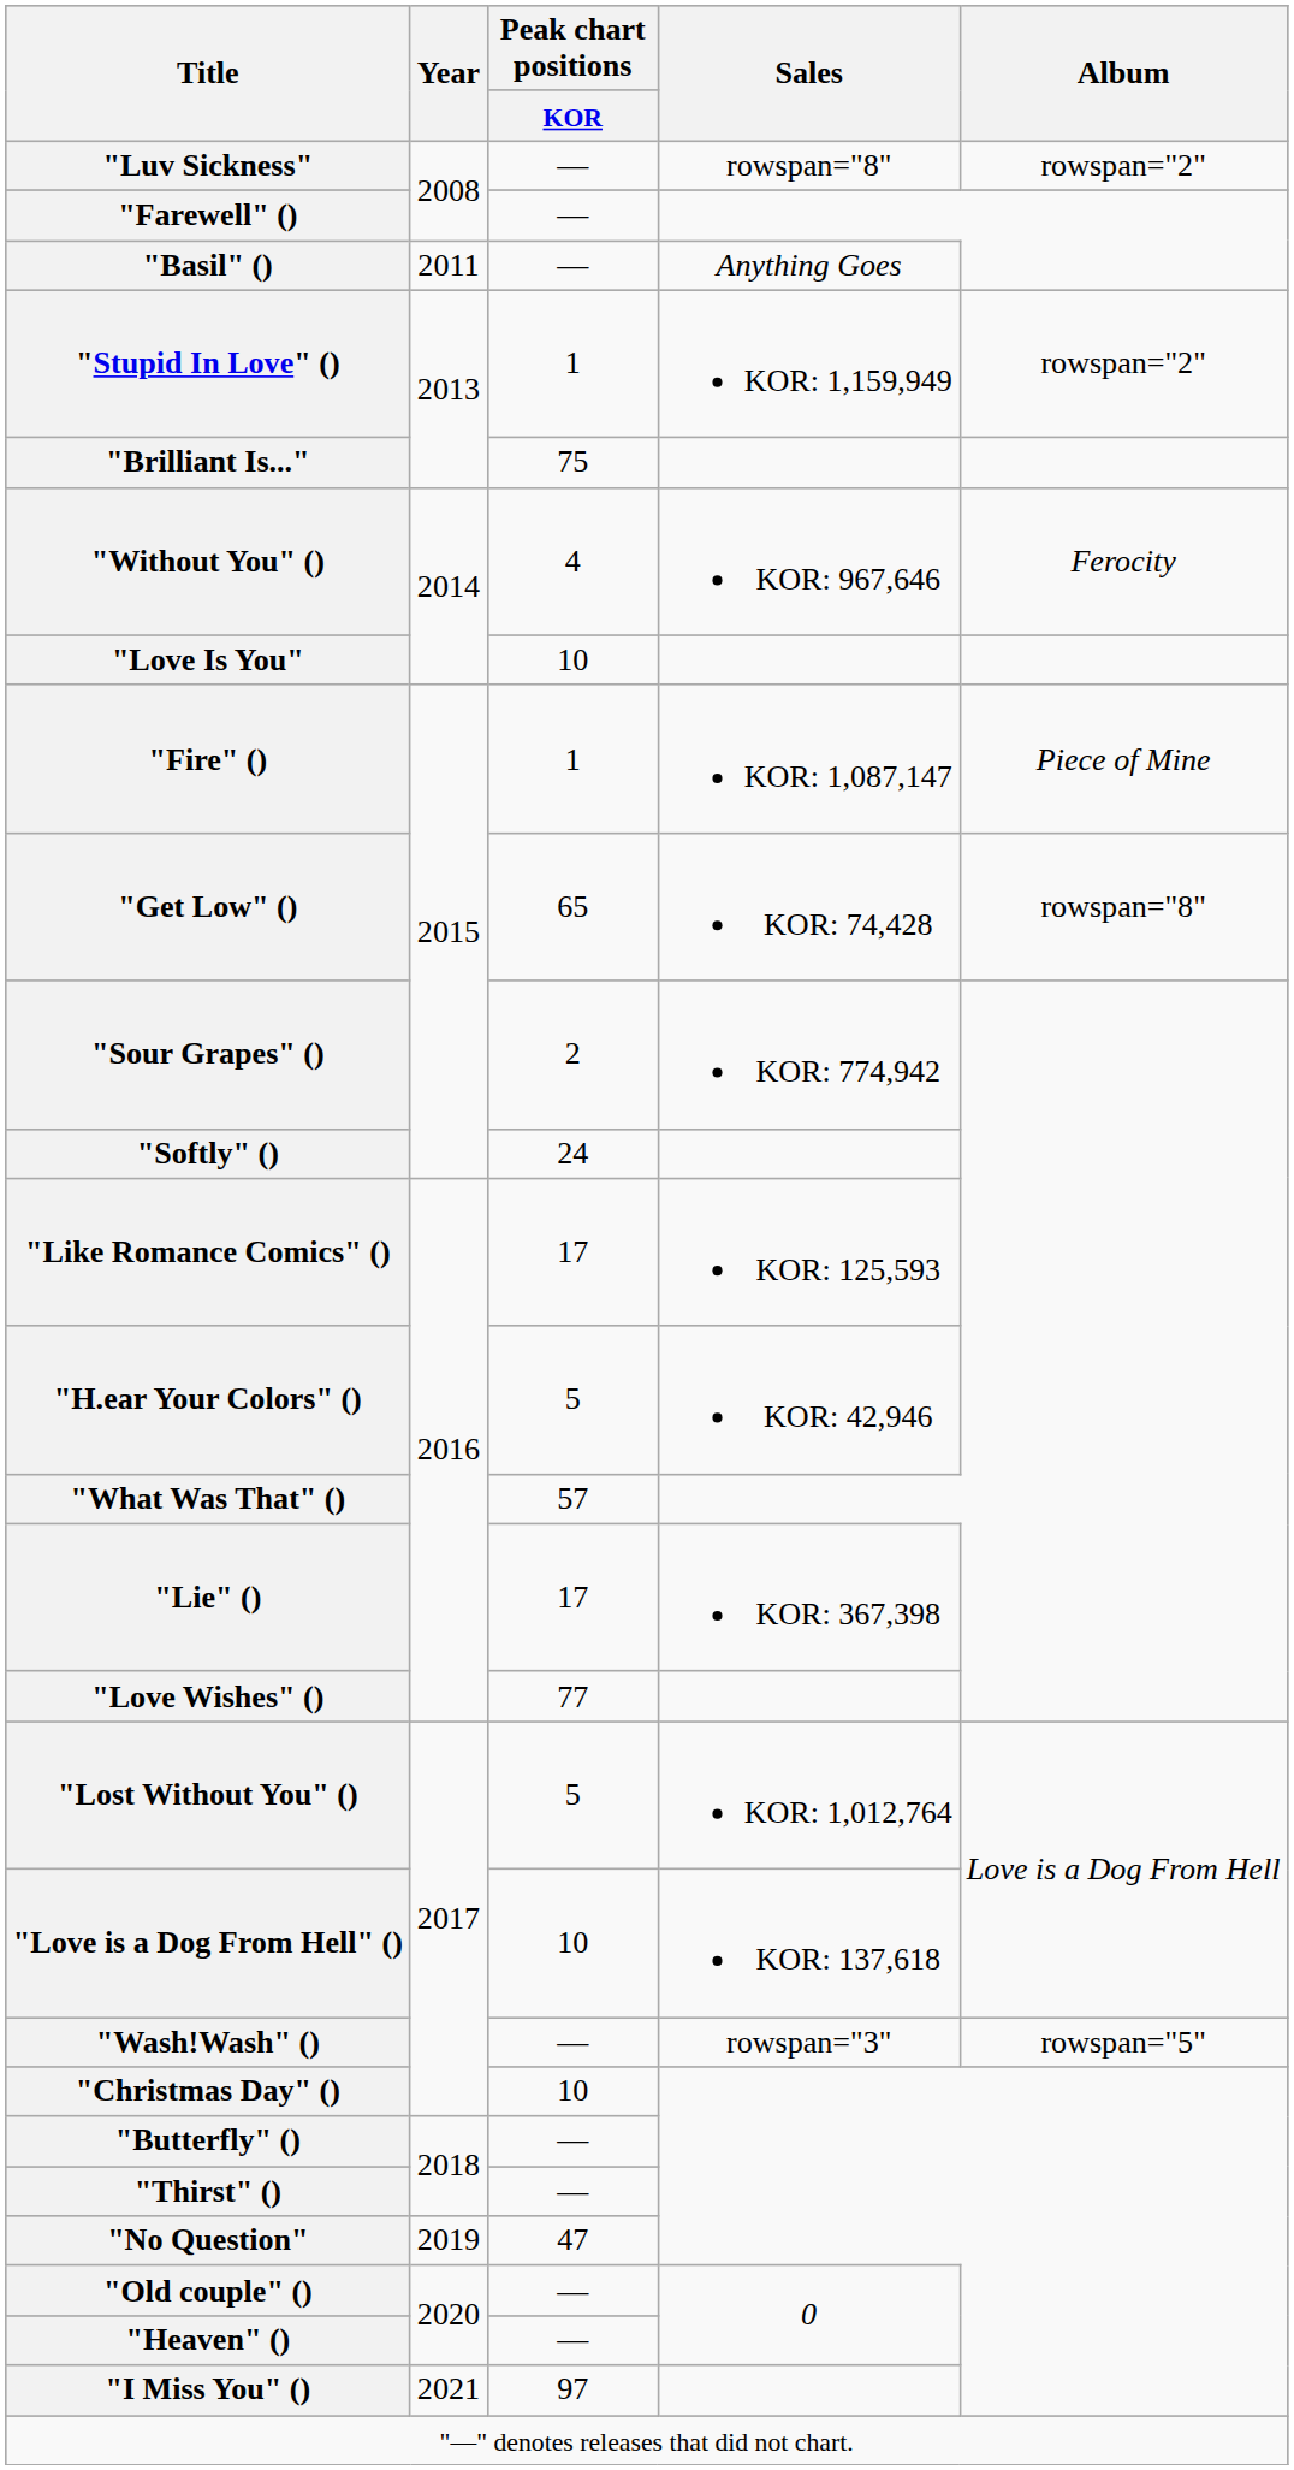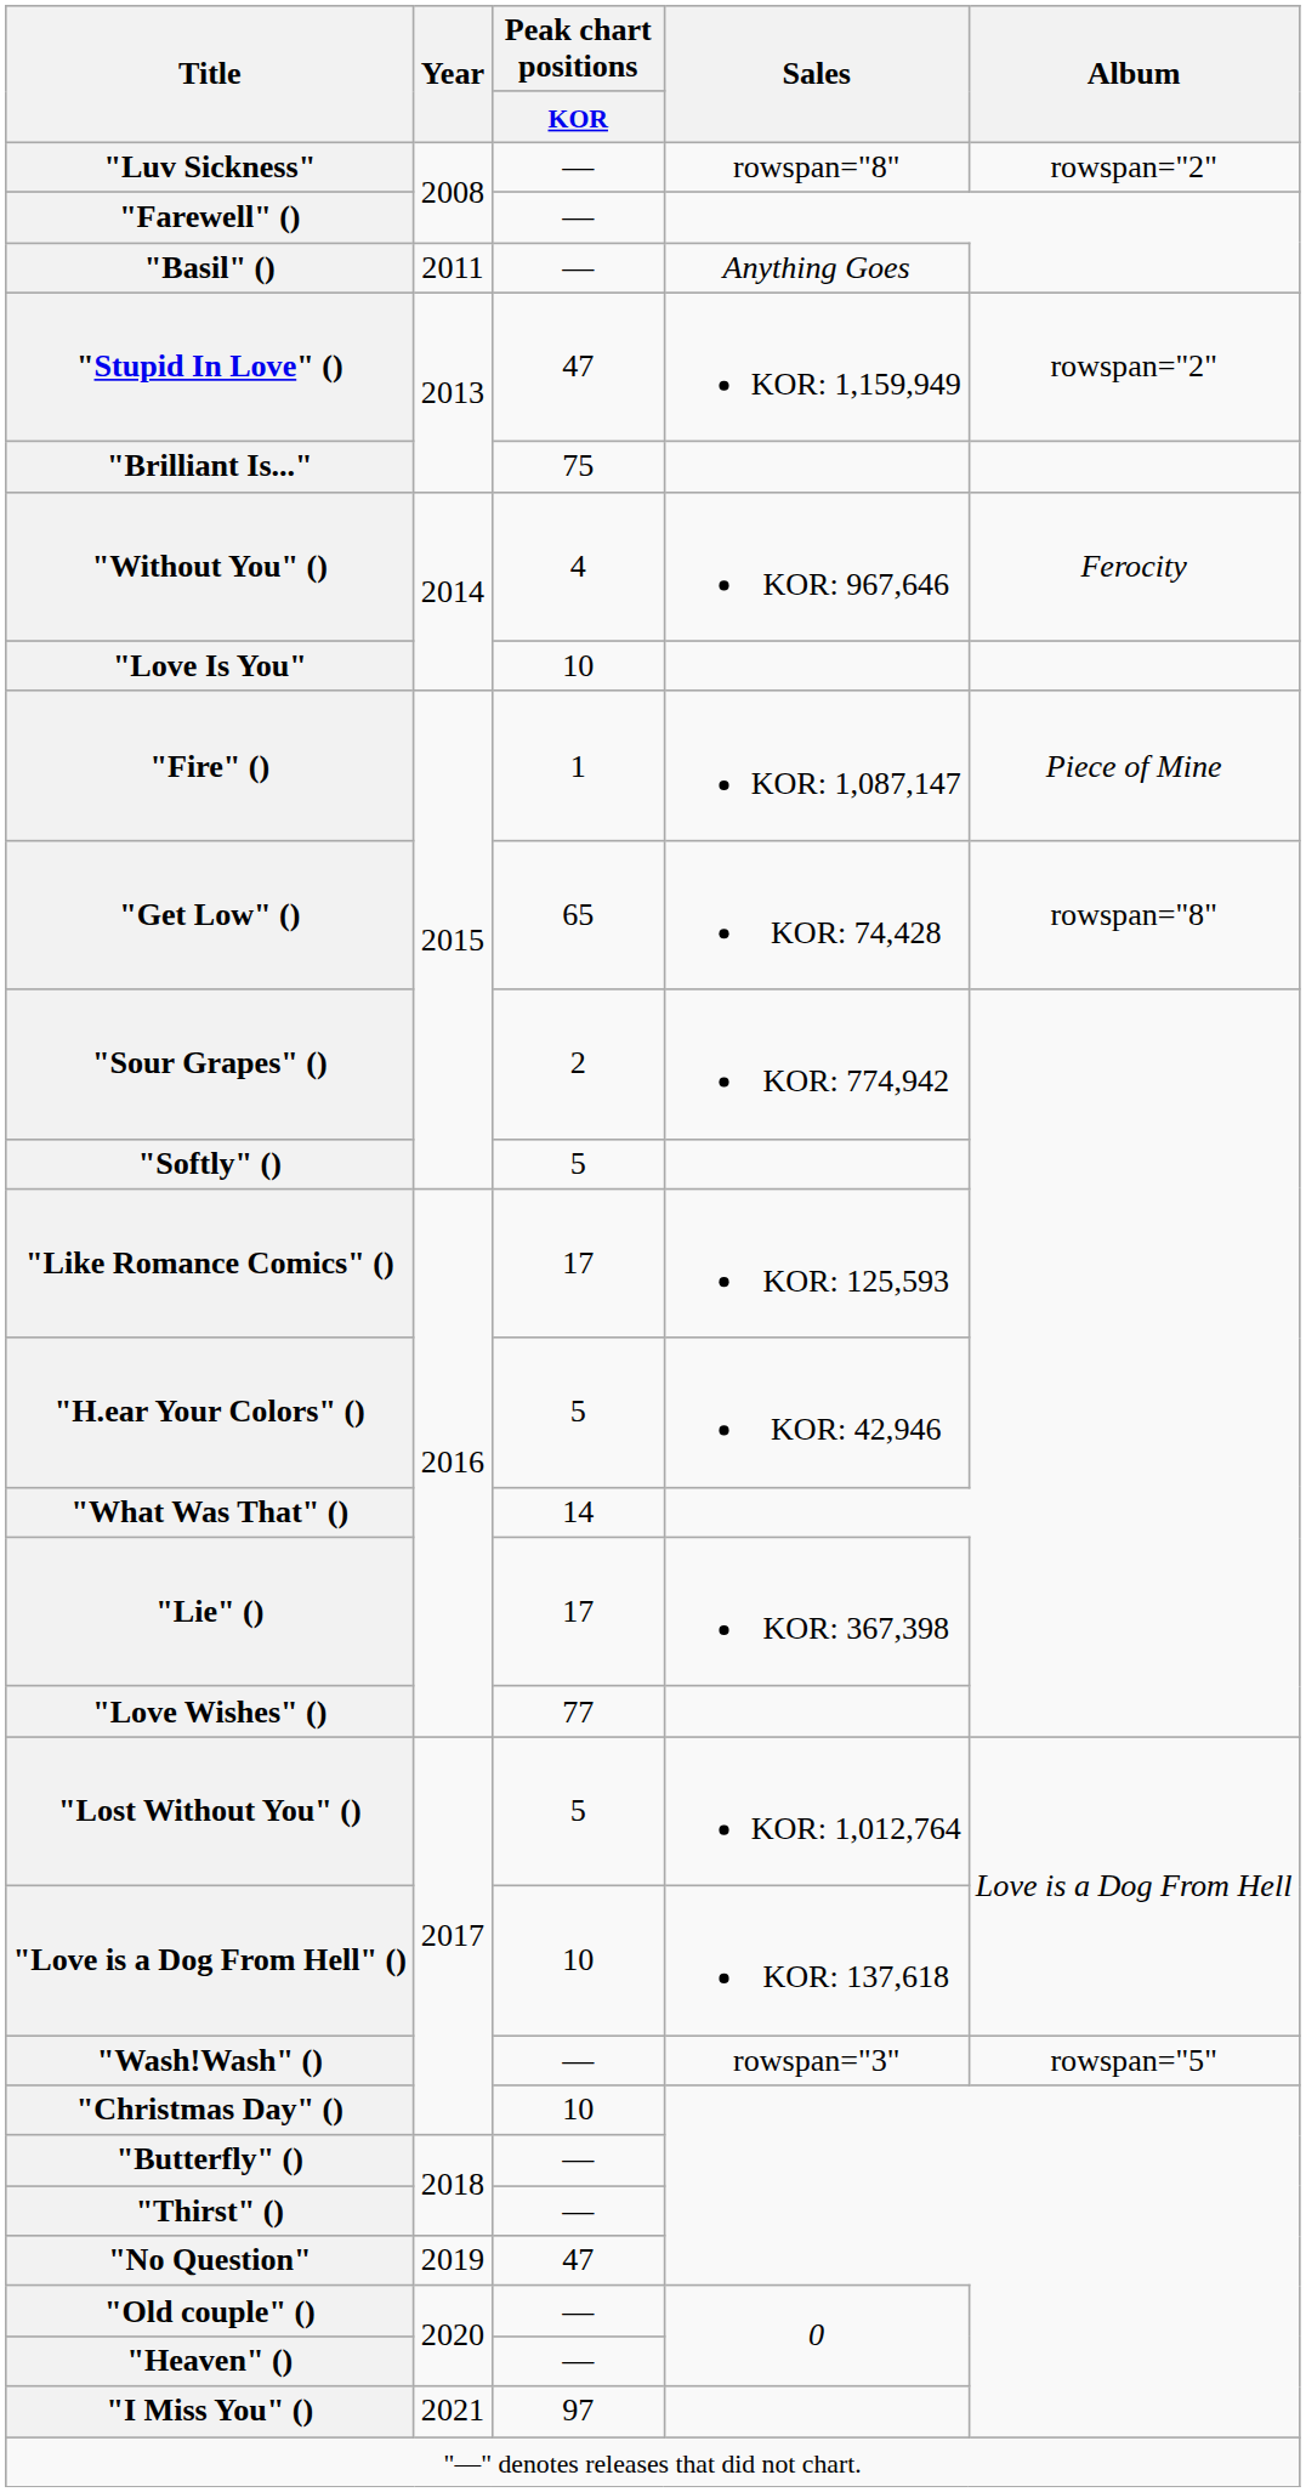 <table class="wikitable plainrowheaders" style="text-align:center">
 <tr>
 <th scope="col" rowspan="2">Title</th>
 <th scope="col" rowspan="2">Year</th>
 <th scope="col" colspan="1" style="width:5em;">Peak chart positions</th>
 <th scope="col" rowspan="2">Sales</th>
 <th scope="col" rowspan="2">Album</th>
 </tr>
 <tr>
 <th><small><a href='#'>KOR</a></small><br></th>
 </tr>
 <tr>
 <th scope="row">"Luv Sickness"<br></th>
 <td rowspan="2">2008</td>
 <td>—</td>
 <td>rowspan="8" </td>
 <td>rowspan="2" </td>
 </tr>
 <tr>
 <th scope="row">"Farewell" ()<br></th>
 <td>—</td>
 </tr>
 <tr>
 <th scope="row">"Basil" ()<br></th>
 <td>2011</td>
 <td>—</td>
 <td><em>Anything Goes</em></td>
 </tr>
 <tr>
 <th scope="row">"<a href='#'>Stupid In Love</a>" ()<br></th>
 <td rowspan="2">2013</td>
-<td>1</td>
+<td>47</td>
 <td><br><ul><li>KOR: 1,159,949</li></ul></td>
 <td>rowspan="2" </td>
 </tr>
 <tr>
 <th scope="row">"Brilliant Is..."<br></th>
 <td>75</td>
 <td></td>
 </tr>
 <tr>
 <th scope="row">"Without You" ()<br></th>
 <td rowspan="2">2014</td>
 <td>4</td>
 <td><br><ul><li>KOR: 967,646</li></ul></td>
 <td><em>Ferocity</em></td>
 </tr>
 <tr>
 <th scope="row">"Love Is You"<br></th>
 <td>10</td>
 <td></td>
 <td></td>
 </tr>
 <tr>
 <th scope="row">"Fire" ()<br></th>
 <td rowspan="4">2015</td>
 <td>1</td>
 <td><br><ul><li>KOR: 1,087,147</li></ul></td>
 <td><em>Piece of Mine</em></td>
 </tr>
 <tr>
 <th scope="row">"Get Low" ()<br></th>
 <td>65</td>
 <td><br><ul><li>KOR: 74,428</li></ul></td>
 <td>rowspan="8" </td>
 </tr>
 <tr>
 <th scope="row">"Sour Grapes" ()<br></th>
 <td>2</td>
 <td><br><ul><li>KOR: 774,942</li></ul></td>
 </tr>
 <tr>
 <th scope="row">"Softly" ()<br></th>
-<td>24</td>
+<td>5</td>
 <td></td>
 </tr>
 <tr>
 <th scope="row">"Like Romance Comics" ()<br></th>
 <td rowspan="5">2016</td>
 <td>17</td>
 <td><br><ul><li>KOR: 125,593</li></ul></td>
 </tr>
 <tr>
 <th scope="row">"H.ear Your Colors" ()<br></th>
 <td>5</td>
 <td><br><ul><li>KOR: 42,946</li></ul></td>
 </tr>
 <tr>
 <th scope="row">"What Was That" ()<br></th>
-<td>57</td>
+<td>14</td>
 </tr>
 <tr>
 <th scope="row">"Lie" ()<br></th>
 <td>17</td>
 <td><br><ul><li>KOR: 367,398</li></ul></td>
 </tr>
 <tr>
 <th scope="row">"Love Wishes" ()<br></th>
 <td>77</td>
 <td></td>
 </tr>
 <tr>
 <th scope="row">"Lost Without You" ()<br></th>
 <td rowspan="4">2017</td>
 <td>5</td>
 <td><br><ul><li>KOR: 1,012,764</li></ul></td>
 <td rowspan="2"><em>Love is a Dog From Hell</em></td>
 </tr>
 <tr>
 <th scope="row">"Love is a Dog From Hell" ()<br></th>
 <td>10</td>
 <td><br><ul><li>KOR: 137,618</li></ul></td>
 </tr>
 <tr>
 <th scope="row">"Wash!Wash" ()<br></th>
 <td>—</td>
 <td>rowspan="3" </td>
 <td>rowspan="5" </td>
 </tr>
 <tr>
 <th scope="row">"Christmas Day" ()<br></th>
 <td>10</td>
 </tr>
 <tr>
 <th scope="row">"Butterfly" ()<br></th>
 <td rowspan="2">2018</td>
 <td>—</td>
 </tr>
 <tr>
 <th scope="row">"Thirst" ()<br></th>
 <td>—</td>
 </tr>
 <tr>
 <th scope="row">"No Question"<br></th>
 <td>2019</td>
 <td>47</td>
 </tr>
 <tr>
 <th scope="row">"Old couple" ()<br></th>
 <td rowspan="2">2020</td>
 <td>—</td>
 <td rowspan="2"><em>0</em></td>
 </tr>
 <tr>
 <th scope="row">"Heaven" ()<br></th>
 <td>—</td>
 </tr>
 <tr>
 <th scope="row">"I Miss You" ()<br></th>
 <td>2021</td>
 <td>97</td>
 <td></td>
 </tr>
 <tr>
 <td colspan="5" align="center"><small>"—" denotes releases that did not chart.</small></td>
 </tr>
 </table>
